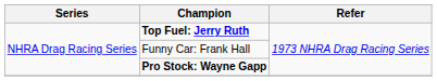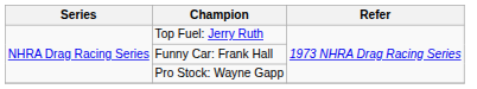 <table class="wikitable" style="font-size:87%;">
 <tr>
 <th>Series</th>
 <th>Champion</th>
 <th>Refer</th>
 </tr>
 <tr>
 <td rowspan=3><a href='#'>NHRA Drag Racing Series</a></td>
-<td><strong>Top Fuel:  <a href='#'>Jerry Ruth</a></strong></td>
+<td>Top Fuel:  <a href='#'>Jerry Ruth</a></td>
 <td rowspan=3><em><a href='#'>1973 NHRA Drag Racing Series</a></em></td>
 </tr>
 <tr>
 <td>Funny Car:  Frank Hall</td>
 </tr>
 <tr>
-<td><strong>Pro Stock:  Wayne Gapp</strong></td>
+<td>Pro Stock:  Wayne Gapp</td>
 </tr>
 <tr>
 </tr>
 </table>
